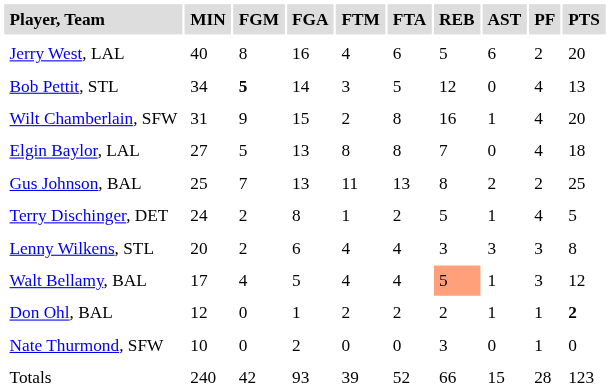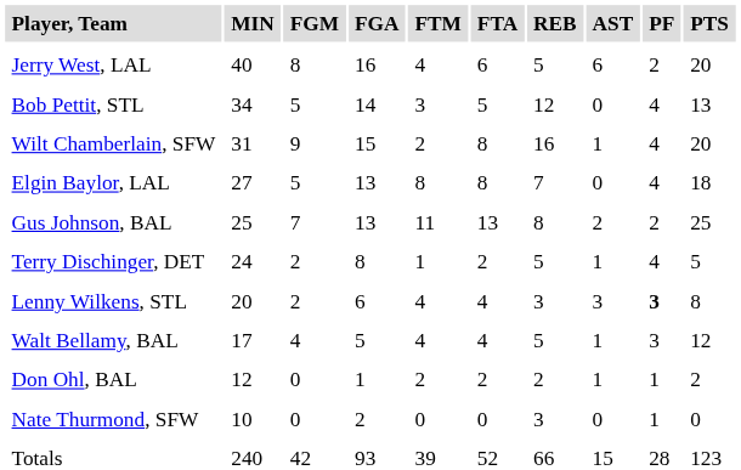 <table cellpadding=5>
 <tr bgcolor="#dddddd">
 <td><strong>Player, Team</strong></td>
 <td><strong>MIN</strong></td>
 <td><strong>FGM</strong></td>
 <td><strong>FGA</strong></td>
 <td><strong>FTM</strong></td>
 <td><strong>FTA</strong></td>
 <td><strong>REB</strong></td>
 <td><strong>AST</strong></td>
 <td><strong>PF</strong></td>
 <td><strong>PTS</strong></td>
 </tr>
 <tr bgcolor="#eeeeee">
 </tr>
 <tr>
 <td><a href='#'>Jerry West</a>, LAL</td>
 <td>40</td>
 <td>8</td>
 <td>16</td>
 <td>4</td>
 <td>6</td>
 <td>5</td>
 <td>6</td>
 <td>2</td>
 <td>20</td>
 </tr>
 <tr>
 <td><a href='#'>Bob Pettit</a>, STL</td>
 <td>34</td>
-<td><strong>5</strong></td>
+<td>5</td>
 <td>14</td>
 <td>3</td>
 <td>5</td>
 <td>12</td>
 <td>0</td>
 <td>4</td>
 <td>13</td>
 </tr>
 <tr>
 <td><a href='#'>Wilt Chamberlain</a>, SFW</td>
 <td>31</td>
 <td>9</td>
 <td>15</td>
 <td>2</td>
 <td>8</td>
 <td>16</td>
 <td>1</td>
 <td>4</td>
 <td>20</td>
 </tr>
 <tr>
 <td><a href='#'>Elgin Baylor</a>, LAL</td>
 <td>27</td>
 <td>5</td>
 <td>13</td>
 <td>8</td>
 <td>8</td>
 <td>7</td>
 <td>0</td>
 <td>4</td>
 <td>18</td>
 </tr>
 <tr>
 <td><a href='#'>Gus Johnson</a>, BAL</td>
 <td>25</td>
 <td>7</td>
 <td>13</td>
 <td>11</td>
 <td>13</td>
 <td>8</td>
 <td>2</td>
 <td>2</td>
 <td>25</td>
 </tr>
 <tr>
 <td><a href='#'>Terry Dischinger</a>, DET</td>
 <td>24</td>
 <td>2</td>
 <td>8</td>
 <td>1</td>
 <td>2</td>
 <td>5</td>
 <td>1</td>
 <td>4</td>
 <td>5</td>
 </tr>
 <tr>
 <td><a href='#'>Lenny Wilkens</a>, STL</td>
 <td>20</td>
 <td>2</td>
 <td>6</td>
 <td>4</td>
 <td>4</td>
 <td>3</td>
 <td>3</td>
-<td>3</td>
+<td><strong>3</strong></td>
 <td>8</td>
 </tr>
 <tr>
 <td><a href='#'>Walt Bellamy</a>, BAL</td>
 <td>17</td>
 <td>4</td>
 <td>5</td>
 <td>4</td>
 <td>4</td>
-<td style="background: lightsalmon;">5</td>
+<td>5</td>
 <td>1</td>
 <td>3</td>
 <td>12</td>
 </tr>
 <tr>
 <td><a href='#'>Don Ohl</a>, BAL</td>
 <td>12</td>
 <td>0</td>
 <td>1</td>
 <td>2</td>
 <td>2</td>
 <td>2</td>
 <td>1</td>
 <td>1</td>
-<td><strong>2</strong></td>
+<td>2</td>
 </tr>
 <tr>
 <td><a href='#'>Nate Thurmond</a>, SFW</td>
 <td>10</td>
 <td>0</td>
 <td>2</td>
 <td>0</td>
 <td>0</td>
 <td>3</td>
 <td>0</td>
 <td>1</td>
 <td>0</td>
 </tr>
 <tr>
 <td>Totals</td>
 <td>240</td>
 <td>42</td>
 <td>93</td>
 <td>39</td>
 <td>52</td>
 <td>66</td>
 <td>15</td>
 <td>28</td>
 <td>123</td>
 </tr>
 <tr>
 </tr>
 </table>
